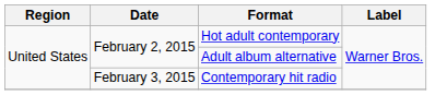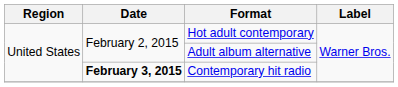 <table class=wikitable>
 <tr>
 <th>Region</th>
 <th>Date</th>
 <th>Format</th>
 <th>Label</th>
 </tr>
 <tr>
 <td rowspan="3">United States</td>
 <td rowspan="2">February 2, 2015</td>
 <td><a href='#'>Hot adult contemporary</a></td>
 <td rowspan="3"><a href='#'>Warner Bros.</a></td>
 </tr>
 <tr>
 <td><a href='#'>Adult album alternative</a></td>
 </tr>
 <tr>
-<td>February 3, 2015</td>
+<td><strong>February 3, 2015</strong></td>
 <td><a href='#'>Contemporary hit radio</a></td>
 </tr>
 <tr>
 </tr>
 </table>
